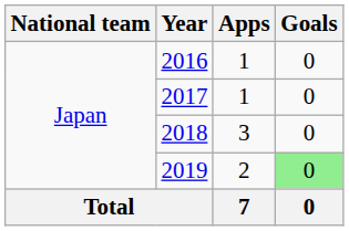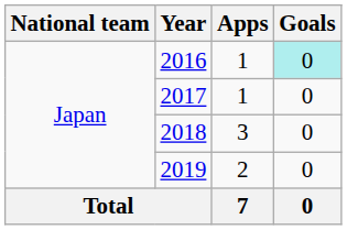 <table class="wikitable" style="text-align:center">
 <tr>
 <th>National team</th>
 <th>Year</th>
 <th>Apps</th>
 <th>Goals</th>
 </tr>
 <tr>
 <td rowspan="4"><a href='#'>Japan</a></td>
 <td><a href='#'>2016</a></td>
 <td>1</td>
-<td>0</td>
+<td style="background: paleturquoise;">0</td>
 </tr>
 <tr>
 <td><a href='#'>2017</a></td>
 <td>1</td>
 <td>0</td>
 </tr>
 <tr>
 <td><a href='#'>2018</a></td>
 <td>3</td>
 <td>0</td>
 </tr>
 <tr>
 <td><a href='#'>2019</a></td>
 <td>2</td>
-<td style="background: lightgreen;">0</td>
+<td>0</td>
 </tr>
 <tr>
 <th colspan="2">Total</th>
 <th>7</th>
 <th>0</th>
 </tr>
 </table>
